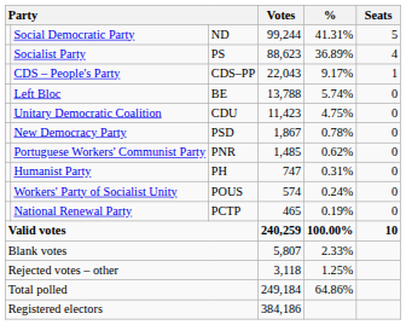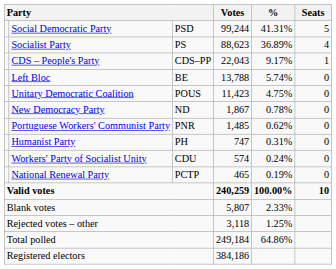 <table class="wikitable" border="1" style="text-align:right;">
 <tr>
 <th style="text-align:left;" colspan=3>Party</th>
 <th align=center width="50">Votes</th>
 <th align=center width="50">%</th>
 <th align=center width="50">Seats</th>
 </tr>
 <tr>
 <td></td>
 <td align=left><a href='#'>Social Democratic Party</a></td>
-<td align=left>ND</td>
+<td align=left>PSD</td>
 <td>99,244</td>
 <td>41.31%</td>
 <td>5</td>
 </tr>
 <tr>
 <td></td>
 <td align=left><a href='#'>Socialist Party</a></td>
 <td align=left>PS</td>
 <td>88,623</td>
 <td>36.89%</td>
 <td>4</td>
 </tr>
 <tr>
 <td></td>
 <td align=left><a href='#'>CDS – People's Party</a></td>
 <td align=left style="white-space: nowrap;">CDS–PP</td>
 <td>22,043</td>
 <td>9.17%</td>
 <td>1</td>
 </tr>
 <tr>
 <td></td>
 <td align=left><a href='#'>Left Bloc</a></td>
 <td align=left>BE</td>
 <td>13,788</td>
 <td>5.74%</td>
 <td>0</td>
 </tr>
 <tr>
 <td></td>
 <td align=left style="white-space: nowrap;"><a href='#'>Unitary Democratic Coalition</a></td>
-<td align=left>CDU</td>
+<td align=left>POUS</td>
 <td>11,423</td>
 <td>4.75%</td>
 <td>0</td>
 </tr>
 <tr>
 <td></td>
 <td align=left><a href='#'>New Democracy Party</a></td>
-<td align=left>PSD</td>
+<td align=left>ND</td>
 <td>1,867</td>
 <td>0.78%</td>
 <td>0</td>
 </tr>
 <tr>
 <td></td>
 <td align=left><a href='#'>Portuguese Workers' Communist Party</a></td>
 <td align=left>PNR</td>
 <td>1,485</td>
 <td>0.62%</td>
 <td>0</td>
 </tr>
 <tr>
 <td></td>
 <td align=left><a href='#'>Humanist Party</a></td>
 <td align=left>PH</td>
 <td>747</td>
 <td>0.31%</td>
 <td>0</td>
 </tr>
 <tr>
 <td></td>
 <td align=left><a href='#'>Workers' Party of Socialist Unity</a></td>
-<td align=left>POUS</td>
+<td align=left>CDU</td>
 <td>574</td>
 <td>0.24%</td>
 <td>0</td>
 </tr>
 <tr>
 <td></td>
 <td align=left><a href='#'>National Renewal Party</a></td>
 <td align=left>PCTP</td>
 <td>465</td>
 <td>0.19%</td>
 <td>0</td>
 </tr>
 <tr style="font-weight:bold">
 <td align=left colspan=3>Valid votes</td>
 <td>240,259</td>
 <td>100.00%</td>
 <td>10</td>
 </tr>
 <tr>
 <td align=left colspan=3>Blank votes</td>
 <td>5,807</td>
 <td>2.33%</td>
 <td></td>
 </tr>
 <tr>
 <td align=left colspan=3>Rejected votes – other</td>
 <td>3,118</td>
 <td>1.25%</td>
 <td></td>
 </tr>
 <tr>
 <td align=left colspan=3>Total polled</td>
 <td>249,184</td>
 <td>64.86%</td>
 <td></td>
 </tr>
 <tr>
 <td align=left colspan=3>Registered electors</td>
 <td>384,186</td>
 <td></td>
 <td></td>
 </tr>
 </table>
